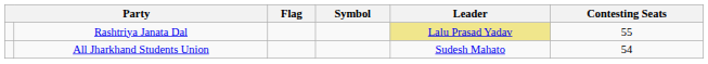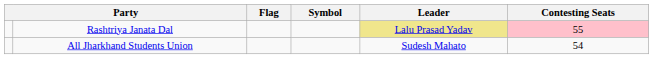 <table class="wikitable " width="50%" style="text-align:center">
 <tr>
 <th colspan="2">Party</th>
 <th>Flag</th>
 <th>Symbol</th>
 <th>Leader</th>
 <th>Contesting Seats</th>
 </tr>
 <tr>
 <td></td>
 <td><a href='#'>Rashtriya Janata Dal</a></td>
 <td></td>
 <td></td>
 <td style="background: khaki;"><a href='#'>Lalu Prasad Yadav</a></td>
-<td>55</td>
+<td style="background: pink;">55</td>
 </tr>
 <tr>
 <td></td>
 <td><a href='#'>All Jharkhand Students Union</a></td>
 <td></td>
 <td></td>
 <td><a href='#'>Sudesh Mahato</a></td>
 <td>54</td>
 </tr>
 </table>
